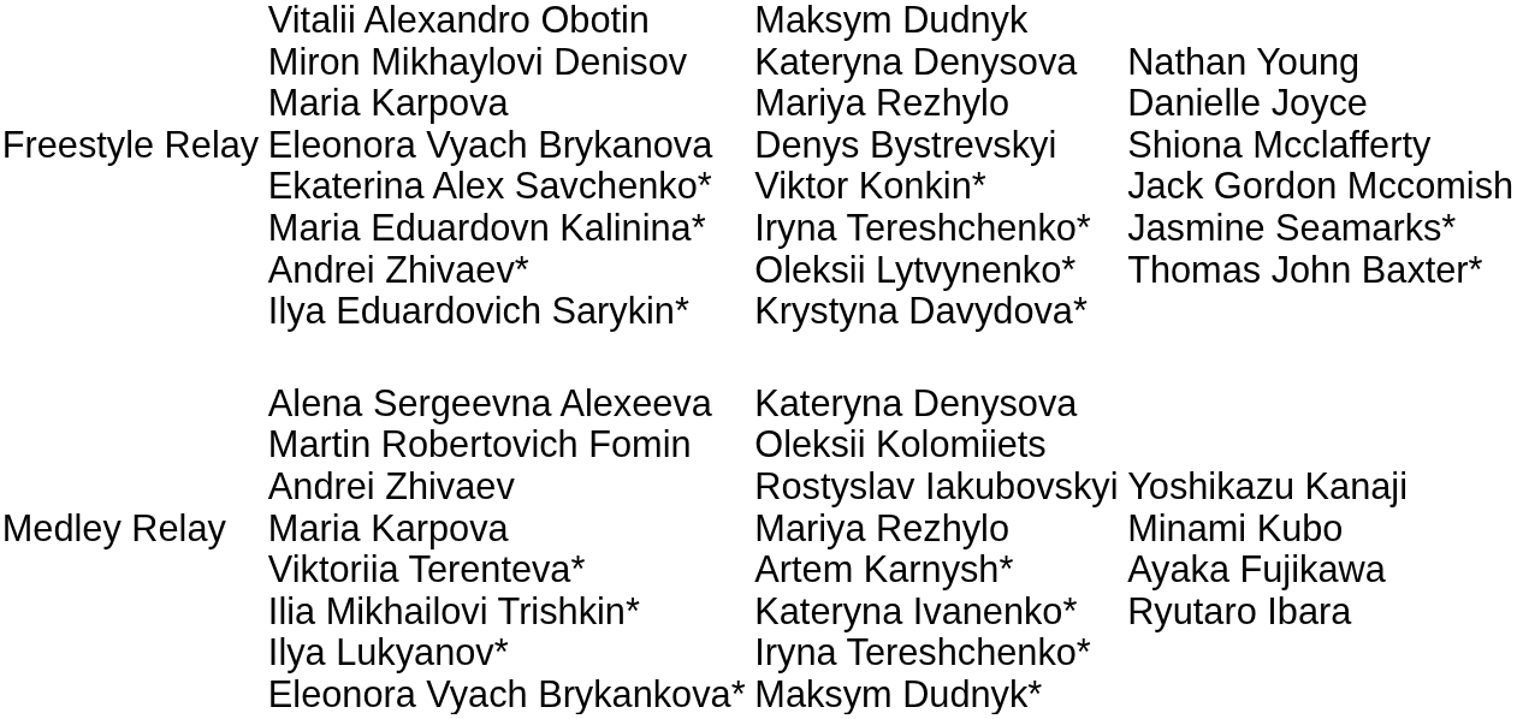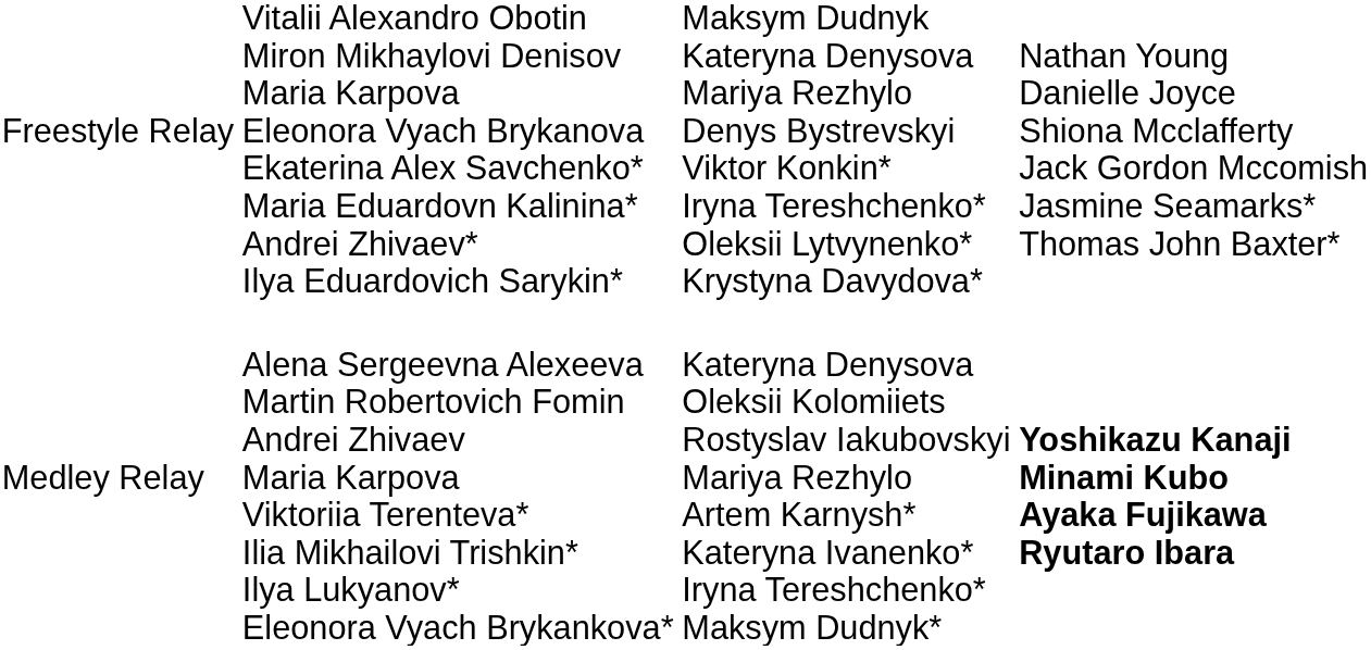 <table>
 <tr>
 <td> Freestyle Relay</td>
 <td><br>Vitalii Alexandro Obotin<br>Miron Mikhaylovi Denisov<br>Maria Karpova<br>Eleonora Vyach Brykanova<br>Ekaterina Alex Savchenko*<br>Maria Eduardovn Kalinina*<br>Andrei Zhivaev*<br>Ilya Eduardovich Sarykin*</td>
 <td><br>Maksym Dudnyk<br>Kateryna Denysova<br>Mariya Rezhylo<br>Denys Bystrevskyi<br>Viktor Konkin*<br>Iryna Tereshchenko*<br>Oleksii Lytvynenko*<br>Krystyna Davydova*</td>
 <td><br>Nathan Young<br>Danielle Joyce<br>Shiona Mcclafferty<br>Jack Gordon Mccomish<br>Jasmine Seamarks*<br>Thomas John Baxter*</td>
 </tr>
 <tr>
 <td> Medley Relay</td>
 <td><br>Alena Sergeevna Alexeeva<br>Martin Robertovich Fomin<br>Andrei Zhivaev<br>Maria Karpova<br>Viktoriia Terenteva*<br>Ilia Mikhailovi Trishkin*<br>Ilya Lukyanov*<br>Eleonora Vyach Brykankova*</td>
 <td><br>Kateryna Denysova<br>Oleksii Kolomiiets<br>Rostyslav Iakubovskyi<br>Mariya Rezhylo<br>Artem Karnysh*<br>Kateryna Ivanenko*<br>Iryna Tereshchenko*<br>Maksym Dudnyk*</td>
-<td><br>Yoshikazu Kanaji<br>Minami Kubo<br>Ayaka Fujikawa<br>Ryutaro Ibara</td>
+<td><strong><br>Yoshikazu Kanaji<br>Minami Kubo<br>Ayaka Fujikawa<br>Ryutaro Ibara</strong></td>
 </tr>
 </table>
